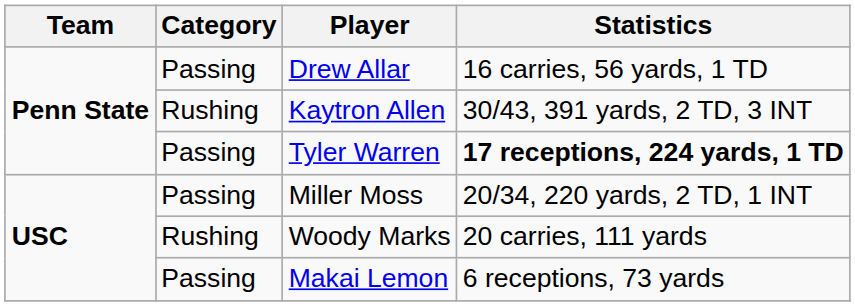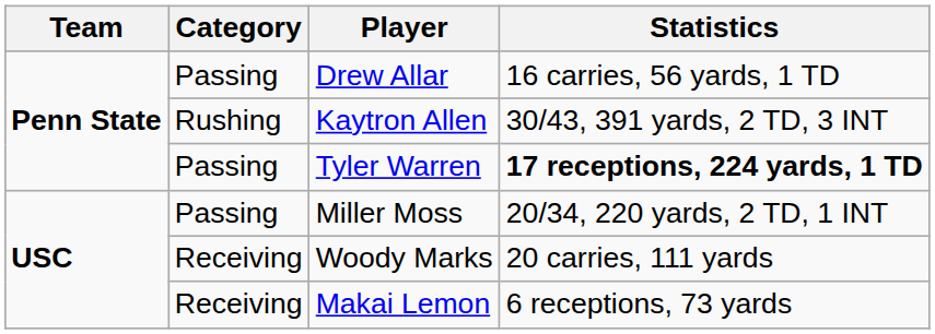 <table class="wikitable" style="float: right;">
 <tr>
 <th>Team</th>
 <th>Category</th>
 <th>Player</th>
 <th>Statistics</th>
 </tr>
 <tr>
 <td rowspan=3><strong>Penn State</strong></td>
 <td>Passing</td>
 <td><a href='#'>Drew Allar</a></td>
 <td>16 carries, 56 yards, 1 TD</td>
 </tr>
 <tr>
 <td>Rushing</td>
 <td><a href='#'>Kaytron Allen</a></td>
 <td>30/43, 391 yards, 2 TD, 3 INT</td>
 </tr>
 <tr>
 <td>Passing</td>
 <td><a href='#'>Tyler Warren</a></td>
 <td><strong>17 receptions, 224 yards, 1 TD</strong></td>
 </tr>
 <tr>
 <td rowspan=3><strong>USC</strong></td>
 <td>Passing</td>
 <td>Miller Moss</td>
 <td>20/34, 220 yards, 2 TD, 1 INT</td>
 </tr>
 <tr>
-<td>Rushing</td>
+<td>Receiving</td>
 <td>Woody Marks</td>
 <td>20 carries, 111 yards</td>
 </tr>
 <tr>
-<td>Passing</td>
+<td>Receiving</td>
 <td><a href='#'>Makai Lemon</a></td>
 <td>6 receptions, 73 yards</td>
 </tr>
 </table>
